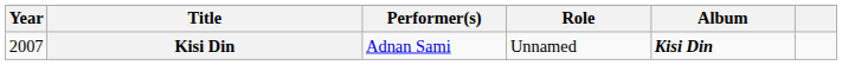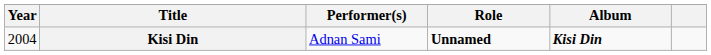 <table class="wikitable plainrowheaders unsortable" style="text-align: margin;">
 <tr>
 </tr>
 <tr>
 <th scope="col" style="width: 2em;">Year</th>
 <th scope="col" style="width: 18em;">Title</th>
 <th scope="col" style="width: 8em;">Performer(s)</th>
 <th scope="col" style="width: 8em;">Role</th>
 <th scope="col" style="width: 8em;">Album</th>
 <th scope="col" style="width: 2em;"></th>
 </tr>
 <tr>
-<td>2007</td>
+<td>2004</td>
 <th scope="row">Kisi Din</th>
 <td><a href='#'>Adnan Sami</a></td>
-<td>Unnamed</td>
+<td><strong>Unnamed</strong></td>
 <td><strong><em>Kisi Din</em></strong></td>
 <td></td>
 </tr>
 </table>
